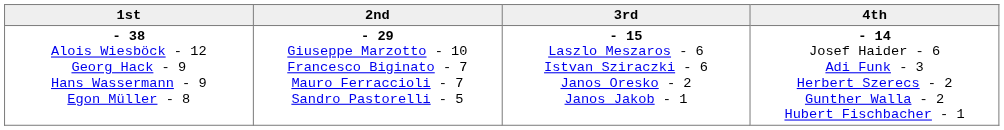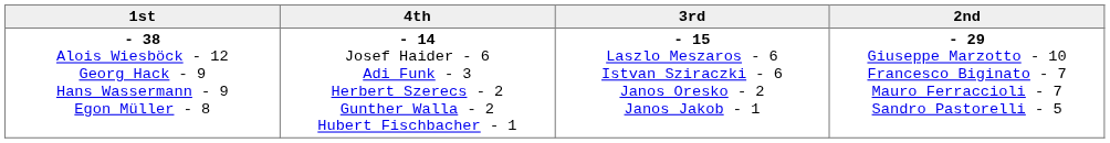 <table border=1 cellpadding=2 cellspacing=0 width=75% style="border-collapse:collapse">
 <tr align=center style="background:#efefef;">
 <th width=20% >1st</th>
+<th width=20%>4th</th>
+<th width=20% >3rd</th>
 <th width=20% >2nd</th>
-<th width=20% >3rd</th>
-<th width=20%>4th</th>
 </tr>
 <tr align=center>
 <td valign=top ><strong> - 38</strong><br><a href='#'>Alois Wiesböck</a> - 12<br><a href='#'>Georg Hack</a> - 9<br><a href='#'>Hans Wassermann</a> - 9<br><a href='#'>Egon Müller</a> - 8</td>
+<td valign=top><strong> - 14</strong><br>Josef Haider - 6<br><a href='#'>Adi Funk</a> - 3<br><a href='#'>Herbert Szerecs</a> - 2<br><a href='#'>Gunther Walla</a>  - 2<br><a href='#'>Hubert Fischbacher</a> - 1</td>
+<td valign=top ><strong> - 15</strong><br><a href='#'>Laszlo Meszaros</a> - 6<br><a href='#'>Istvan Sziraczki</a> - 6<br><a href='#'>Janos Oresko</a> - 2<br><a href='#'>Janos Jakob</a> - 1</td>
 <td valign=top ><strong> - 29</strong><br><a href='#'>Giuseppe Marzotto</a> - 10<br><a href='#'>Francesco Biginato</a> - 7<br><a href='#'>Mauro Ferraccioli</a> - 7<br><a href='#'>Sandro Pastorelli</a> - 5</td>
-<td valign=top ><strong> - 15</strong><br><a href='#'>Laszlo Meszaros</a> - 6<br><a href='#'>Istvan Sziraczki</a> - 6<br><a href='#'>Janos Oresko</a> - 2<br><a href='#'>Janos Jakob</a> - 1</td>
-<td valign=top><strong> - 14</strong><br>Josef Haider - 6<br><a href='#'>Adi Funk</a> - 3<br><a href='#'>Herbert Szerecs</a> - 2<br><a href='#'>Gunther Walla</a>  - 2<br><a href='#'>Hubert Fischbacher</a> - 1</td>
 </tr>
 </table>
